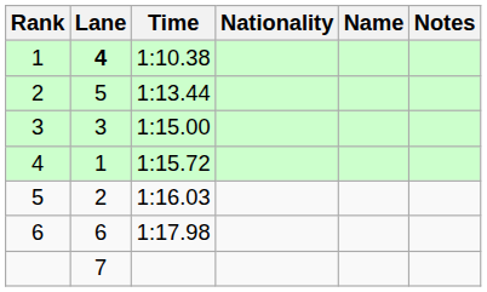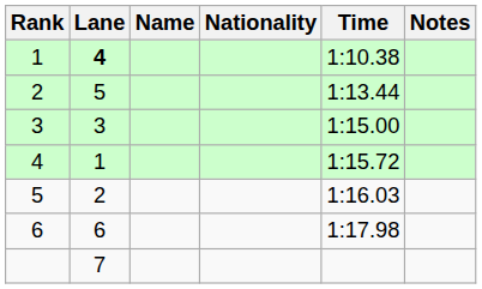 <table class="wikitable sortable" style="text-align:center">
 <tr>
 <th>Rank</th>
 <th>Lane</th>
+<th>Name</th>
+<th>Nationality</th>
 <th>Time</th>
-<th>Nationality</th>
-<th>Name</th>
 <th>Notes</th>
 </tr>
 <tr bgcolor=ccffcc>
 <td>1</td>
 <td><strong>4</strong></td>
-<td>1:10.38</td>
 <td align=left></td>
 <td align=left></td>
+<td>1:10.38</td>
 <td><strong></strong></td>
 </tr>
 <tr bgcolor=ccffcc>
 <td>2</td>
 <td>5</td>
-<td>1:13.44</td>
 <td align=left></td>
 <td align=left></td>
+<td>1:13.44</td>
 <td><strong></strong></td>
 </tr>
 <tr bgcolor=ccffcc>
 <td>3</td>
 <td>3</td>
-<td>1:15.00</td>
 <td align=left></td>
 <td align=left></td>
+<td>1:15.00</td>
 <td><strong></strong></td>
 </tr>
 <tr bgcolor=ccffcc>
 <td>4</td>
 <td>1</td>
-<td>1:15.72</td>
 <td align=left></td>
 <td align=left></td>
+<td>1:15.72</td>
 <td><strong></strong></td>
 </tr>
 <tr>
 <td>5</td>
 <td>2</td>
-<td>1:16.03</td>
 <td align=left></td>
 <td align=left></td>
+<td>1:16.03</td>
 <td></td>
 </tr>
 <tr>
 <td>6</td>
 <td>6</td>
-<td>1:17.98</td>
 <td align=left></td>
 <td align=left></td>
+<td>1:17.98</td>
 <td></td>
 </tr>
 <tr>
 <td></td>
 <td>7</td>
-<td></td>
 <td align=left></td>
 <td align=left></td>
+<td></td>
 <td><strong></strong></td>
 </tr>
 </table>
